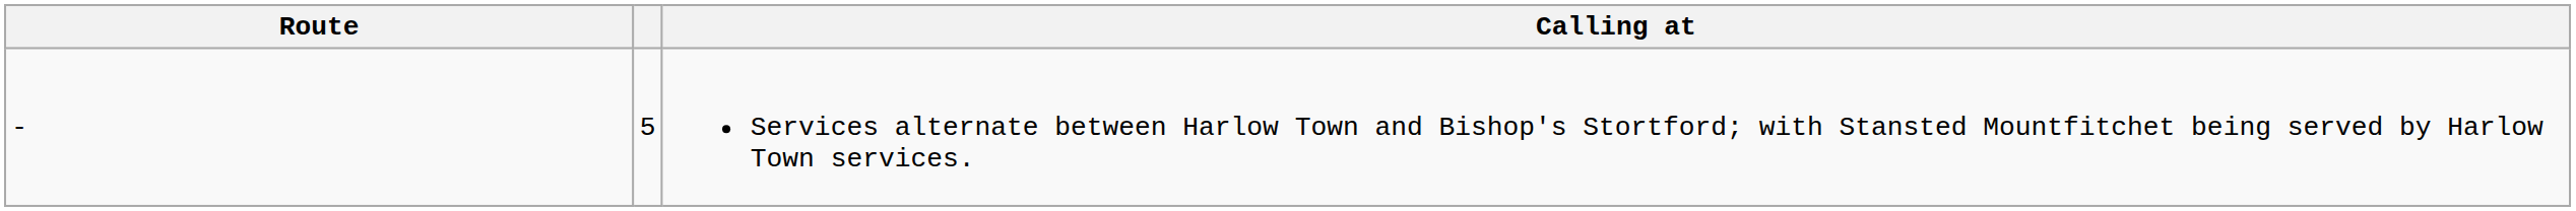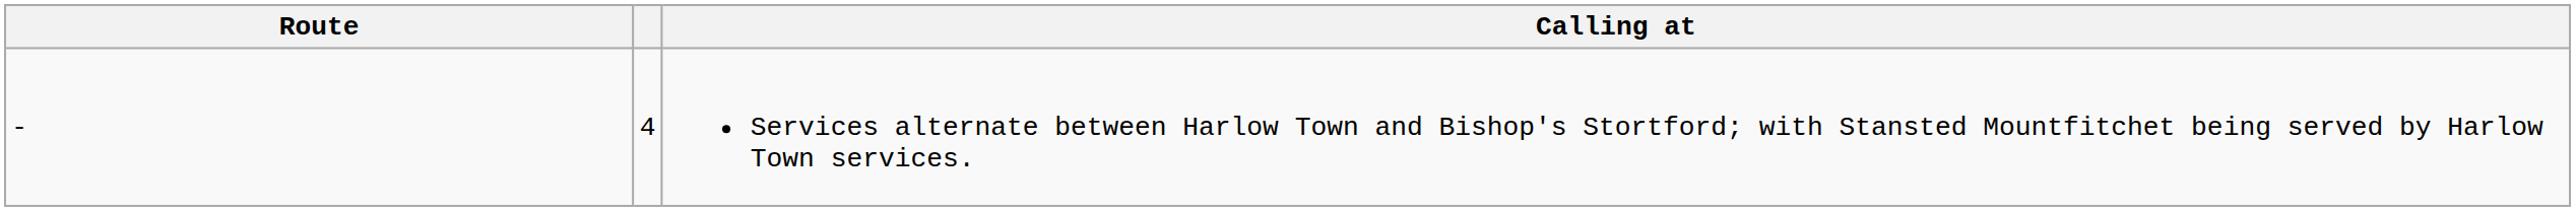 <table class="wikitable">
 <tr>
 <th style="width:300px;">Route</th>
 <th></th>
 <th>Calling at</th>
 </tr>
 <tr>
 <td> - </td>
-<td>5</td>
+<td>4</td>
 <td><br><ul><li>Services alternate between Harlow Town and Bishop's Stortford; with Stansted Mountfitchet being served by Harlow Town services.</li></ul></td>
 </tr>
 </table>
